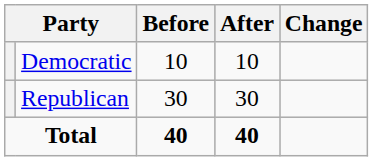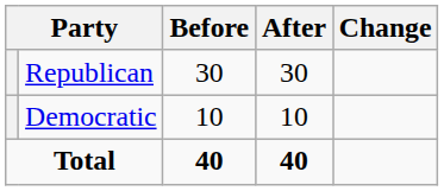 <table class="wikitable" style="text-align:center;">
 <tr>
 <th colspan="2">Party</th>
 <th>Before</th>
 <th>After</th>
 <th>Change</th>
 </tr>
 <tr>
 <th style="background-color:"></th>
-<td style="text-align:left;"><a href='#'>Democratic</a></td>
-<td>10</td>
-<td>10</td>
+<td style="text-align:left;"><a href='#'>Republican</a></td>
+<td>30</td>
+<td>30</td>
 <td></td>
 </tr>
 <tr>
 <th style="background-color:"></th>
-<td style="text-align:left;"><a href='#'>Republican</a></td>
-<td>30</td>
-<td>30</td>
+<td style="text-align:left;"><a href='#'>Democratic</a></td>
+<td>10</td>
+<td>10</td>
 <td></td>
 </tr>
 <tr>
 <td colspan="2"><strong>Total</strong></td>
 <td><strong>40</strong></td>
 <td><strong>40</strong></td>
 <td></td>
 </tr>
 </table>
